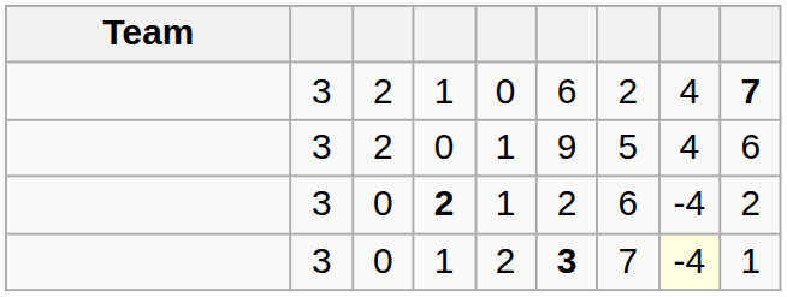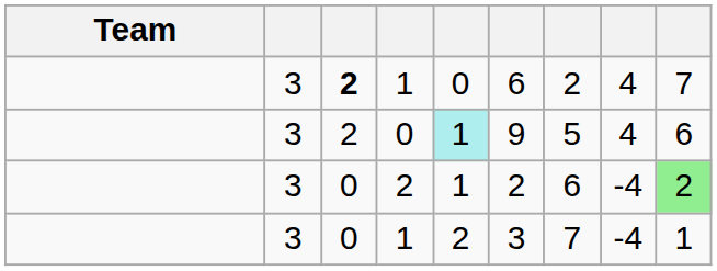 <table class=wikitable style="text-align:center">
 <tr>
 <th width=120>Team</th>
 <th width=20></th>
 <th width=20></th>
 <th width=20></th>
 <th width=20></th>
 <th width=20></th>
 <th width=20></th>
 <th width=20></th>
 <th width=20></th>
 </tr>
 <tr>
 <td align=left></td>
 <td>3</td>
-<td>2</td>
+<td><strong>2</strong></td>
 <td>1</td>
 <td>0</td>
 <td>6</td>
 <td>2</td>
 <td>4</td>
-<td><strong>7</strong></td>
+<td>7</td>
 </tr>
 <tr>
 <td align=left></td>
 <td>3</td>
 <td>2</td>
 <td>0</td>
-<td>1</td>
+<td style="background: paleturquoise;">1</td>
 <td>9</td>
 <td>5</td>
 <td>4</td>
 <td>6</td>
 </tr>
 <tr>
 <td align=left></td>
 <td>3</td>
 <td>0</td>
-<td><strong>2</strong></td>
+<td>2</td>
 <td>1</td>
 <td>2</td>
 <td>6</td>
 <td>-4</td>
-<td>2</td>
+<td style="background: lightgreen;">2</td>
 </tr>
 <tr>
 <td align=left></td>
 <td>3</td>
 <td>0</td>
 <td>1</td>
 <td>2</td>
-<td><strong>3</strong></td>
+<td>3</td>
 <td>7</td>
-<td style="background: lightyellow;">-4</td>
+<td>-4</td>
 <td>1</td>
 </tr>
 </table>
